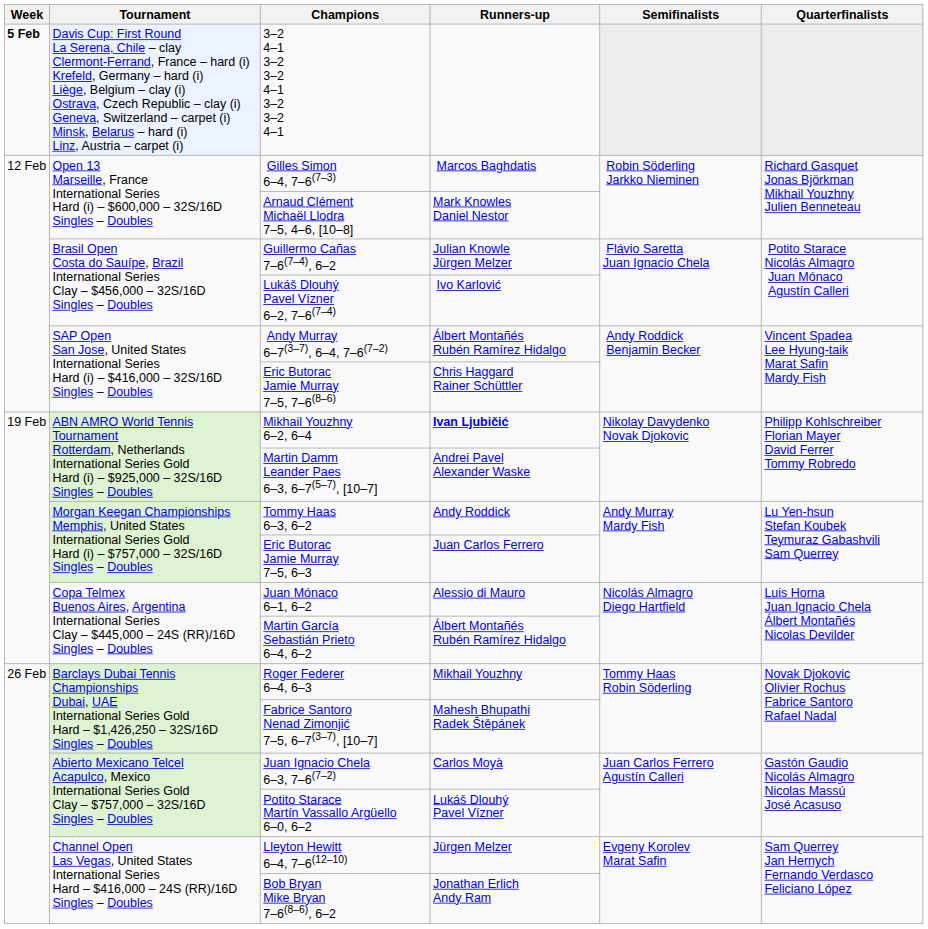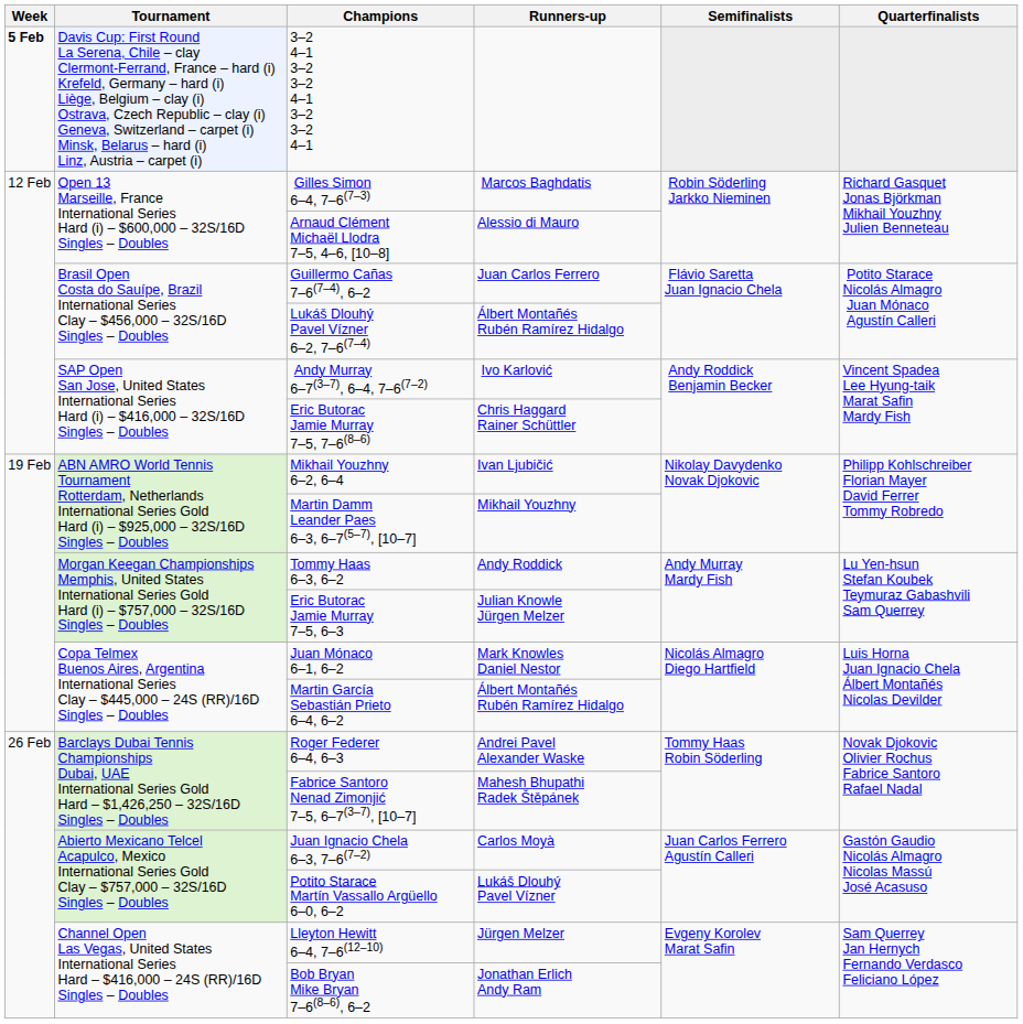 <table class=wikitable style=font-size:95%>
 <tr>
 <th style="width:48px;">Week</th>
 <th style="width:250px;">Tournament</th>
 <th style="width:200px;">Champions</th>
 <th style="width:200px;">Runners-up</th>
 <th style="width:190px;">Semifinalists</th>
 <th style="width:190px;">Quarterfinalists</th>
 </tr>
 <tr valign=top>
 <td rowspan=1><strong>5 Feb</strong></td>
 <td bgcolor=#ECF2FF rowspan=1><a href='#'>Davis Cup: First Round</a><br><a href='#'>La Serena, Chile</a> – clay<br><a href='#'>Clermont-Ferrand</a>, France – hard (i)<br>  <a href='#'>Krefeld</a>, Germany – hard (i) <br><a href='#'>Liège</a>, Belgium – clay (i)<br> <a href='#'>Ostrava</a>, Czech Republic – clay (i)<br> <a href='#'>Geneva</a>, Switzerland – carpet (i)<br> <a href='#'>Minsk</a>, <a href='#'>Belarus</a> – hard (i) <br> <a href='#'>Linz</a>, Austria – carpet (i)</td>
 <td> 3–2<br> 4–1<br> 3–2<br> 3–2<br> 4–1<br> 3–2<br> 3–2<br> 4–1</td>
 <td><br><br><br><br><br><br><br></td>
 <td bgcolor="#ededed"></td>
 <td bgcolor="#ededed"></td>
 </tr>
 <tr valign=top>
 <td rowspan=6>12 Feb</td>
 <td rowspan=2><a href='#'>Open 13</a><br>  <a href='#'>Marseille</a>, France<br>International Series<br>Hard (i) – $600,000 – 32S/16D<br><a href='#'>Singles</a> – <a href='#'>Doubles</a></td>
 <td> <a href='#'>Gilles Simon</a><br>6–4, 7–6<sup>(7–3)</sup></td>
 <td> <a href='#'>Marcos Baghdatis</a></td>
 <td rowspan=2> <a href='#'>Robin Söderling</a><br> <a href='#'>Jarkko Nieminen</a></td>
 <td rowspan=2> <a href='#'>Richard Gasquet</a><br> <a href='#'>Jonas Björkman</a><br> <a href='#'>Mikhail Youzhny</a><br> <a href='#'>Julien Benneteau</a></td>
 </tr>
 <tr valign=top>
 <td> <a href='#'>Arnaud Clément</a><br> <a href='#'>Michaël Llodra</a><br>7–5, 4–6, [10–8]</td>
-<td> <a href='#'>Mark Knowles</a><br> <a href='#'>Daniel Nestor</a></td>
+<td> <a href='#'>Alessio di Mauro</a></td>
 </tr>
 <tr valign=top>
 <td rowspan=2><a href='#'>Brasil Open</a><br>  <a href='#'>Costa do Sauípe</a>, <a href='#'>Brazil</a><br>International Series<br>Clay – $456,000 – 32S/16D<br><a href='#'>Singles</a> – <a href='#'>Doubles</a></td>
 <td> <a href='#'>Guillermo Cañas</a> <br>7–6<sup>(7–4)</sup>, 6–2</td>
-<td> <a href='#'>Julian Knowle</a><br> <a href='#'>Jürgen Melzer</a></td>
+<td> <a href='#'>Juan Carlos Ferrero</a></td>
 <td rowspan=2> <a href='#'>Flávio Saretta</a><br> <a href='#'>Juan Ignacio Chela</a></td>
 <td rowspan=2> <a href='#'>Potito Starace</a><br> <a href='#'>Nicolás Almagro</a> <br> <a href='#'>Juan Mónaco</a><br> <a href='#'>Agustín Calleri</a></td>
 </tr>
 <tr valign=top>
 <td> <a href='#'>Lukáš Dlouhý</a><br> <a href='#'>Pavel Vízner</a><br> 6–2, 7–6<sup>(7–4)</sup></td>
-<td> <a href='#'>Ivo Karlović</a></td>
+<td> <a href='#'>Álbert Montañés</a><br> <a href='#'>Rubén Ramírez Hidalgo</a></td>
 </tr>
 <tr valign=top>
 <td rowspan=2><a href='#'>SAP Open</a><br>  <a href='#'>San Jose</a>, United States<br>International Series<br>Hard (i) – $416,000 – 32S/16D<br><a href='#'>Singles</a> – <a href='#'>Doubles</a></td>
 <td> <a href='#'>Andy Murray</a><br> 6–7<sup>(3–7)</sup>, 6–4, 7–6<sup>(7–2)</sup></td>
-<td> <a href='#'>Álbert Montañés</a><br> <a href='#'>Rubén Ramírez Hidalgo</a></td>
+<td> <a href='#'>Ivo Karlović</a></td>
 <td rowspan=2> <a href='#'>Andy Roddick</a><br> <a href='#'>Benjamin Becker</a></td>
 <td rowspan=2> <a href='#'>Vincent Spadea</a><br> <a href='#'>Lee Hyung-taik</a><br> <a href='#'>Marat Safin</a><br> <a href='#'>Mardy Fish</a></td>
 </tr>
 <tr valign=top>
 <td> <a href='#'>Eric Butorac</a><br> <a href='#'>Jamie Murray</a><br>7–5, 7–6<sup>(8–6)</sup></td>
 <td> <a href='#'>Chris Haggard</a><br> <a href='#'>Rainer Schüttler</a></td>
 </tr>
 <tr valign=top>
 <td rowspan=6>19 Feb</td>
 <td bgcolor=#DDF3D1  rowspan=2><a href='#'>ABN AMRO World Tennis Tournament</a><br> <a href='#'>Rotterdam</a>, Netherlands<br>International Series Gold<br>Hard (i) – $925,000 – 32S/16D<br><a href='#'>Singles</a> – <a href='#'>Doubles</a></td>
 <td> <a href='#'>Mikhail Youzhny</a><br>6–2, 6–4</td>
-<td><strong> <a href='#'>Ivan Ljubičić</a></strong></td>
+<td> <a href='#'>Ivan Ljubičić</a></td>
 <td rowspan=2> <a href='#'>Nikolay Davydenko</a><br> <a href='#'>Novak Djokovic</a></td>
 <td rowspan=2> <a href='#'>Philipp Kohlschreiber</a><br> <a href='#'>Florian Mayer</a><br> <a href='#'>David Ferrer</a><br> <a href='#'>Tommy Robredo</a></td>
 </tr>
 <tr valign=top>
 <td> <a href='#'>Martin Damm</a><br> <a href='#'>Leander Paes</a><br> 6–3, 6–7<sup>(5–7)</sup>, [10–7]</td>
-<td> <a href='#'>Andrei Pavel</a><br> <a href='#'>Alexander Waske</a></td>
+<td> <a href='#'>Mikhail Youzhny</a></td>
 </tr>
 <tr valign=top>
 <td bgcolor=#DDF3D1  rowspan=2><a href='#'>Morgan Keegan Championships</a><br>  <a href='#'>Memphis</a>, United States<br>International Series Gold<br>Hard (i) – $757,000 – 32S/16D<br><a href='#'>Singles</a> – <a href='#'>Doubles</a></td>
 <td> <a href='#'>Tommy Haas</a><br> 6–3, 6–2</td>
 <td> <a href='#'>Andy Roddick</a></td>
 <td rowspan=2> <a href='#'>Andy Murray</a><br> <a href='#'>Mardy Fish</a></td>
 <td rowspan=2> <a href='#'>Lu Yen-hsun</a><br> <a href='#'>Stefan Koubek</a><br> <a href='#'>Teymuraz Gabashvili</a><br> <a href='#'>Sam Querrey</a></td>
 </tr>
 <tr valign=top>
 <td> <a href='#'>Eric Butorac</a><br> <a href='#'>Jamie Murray</a><br>7–5, 6–3</td>
-<td> <a href='#'>Juan Carlos Ferrero</a></td>
+<td> <a href='#'>Julian Knowle</a><br> <a href='#'>Jürgen Melzer</a></td>
 </tr>
 <tr valign=top>
 <td rowspan=2><a href='#'>Copa Telmex</a><br>  <a href='#'>Buenos Aires</a>, <a href='#'>Argentina</a><br>International Series<br>Clay – $445,000 – 24S (RR)/16D<br><a href='#'>Singles</a> – <a href='#'>Doubles</a></td>
 <td> <a href='#'>Juan Mónaco</a><br>6–1, 6–2</td>
-<td> <a href='#'>Alessio di Mauro</a></td>
+<td> <a href='#'>Mark Knowles</a><br> <a href='#'>Daniel Nestor</a></td>
 <td rowspan=2> <a href='#'>Nicolás Almagro</a><br> <a href='#'>Diego Hartfield</a></td>
 <td rowspan=2> <a href='#'>Luis Horna</a><br> <a href='#'>Juan Ignacio Chela</a><br> <a href='#'>Álbert Montañés</a><br> <a href='#'>Nicolas Devilder</a></td>
 </tr>
 <tr valign=top>
 <td> <a href='#'>Martin García</a><br> <a href='#'>Sebastián Prieto</a><br>6–4, 6–2</td>
 <td> <a href='#'>Álbert Montañés</a><br> <a href='#'>Rubén Ramírez Hidalgo</a></td>
 </tr>
 <tr valign=top>
 <td rowspan=6>26 Feb</td>
 <td bgcolor=#DDF3D1  rowspan=2><a href='#'>Barclays Dubai Tennis Championships</a><br> <a href='#'>Dubai</a>, <a href='#'>UAE</a><br>International Series Gold<br>Hard – $1,426,250 – 32S/16D<br><a href='#'>Singles</a> – <a href='#'>Doubles</a></td>
 <td> <a href='#'>Roger Federer</a> <br>6–4, 6–3</td>
-<td> <a href='#'>Mikhail Youzhny</a></td>
+<td> <a href='#'>Andrei Pavel</a><br> <a href='#'>Alexander Waske</a></td>
 <td rowspan=2> <a href='#'>Tommy Haas</a><br> <a href='#'>Robin Söderling</a></td>
 <td rowspan=2> <a href='#'>Novak Djokovic</a><br> <a href='#'>Olivier Rochus</a><br> <a href='#'>Fabrice Santoro</a><br> <a href='#'>Rafael Nadal</a></td>
 </tr>
 <tr valign=top>
 <td> <a href='#'>Fabrice Santoro</a><br> <a href='#'>Nenad Zimonjić</a><br> 7–5, 6–7<sup>(3–7)</sup>, [10–7]</td>
 <td> <a href='#'>Mahesh Bhupathi</a><br> <a href='#'>Radek Štěpánek</a></td>
 </tr>
 <tr valign=top>
 <td bgcolor=#DDF3D1  rowspan=2><a href='#'>Abierto Mexicano Telcel</a><br> <a href='#'>Acapulco</a>, Mexico<br>International Series Gold<br>Clay – $757,000 – 32S/16D<br><a href='#'>Singles</a> – <a href='#'>Doubles</a></td>
 <td> <a href='#'>Juan Ignacio Chela</a> <br>6–3, 7–6<sup>(7–2)</sup></td>
 <td> <a href='#'>Carlos Moyà</a></td>
 <td rowspan=2> <a href='#'>Juan Carlos Ferrero</a><br> <a href='#'>Agustín Calleri</a></td>
 <td rowspan=2> <a href='#'>Gastón Gaudio</a><br> <a href='#'>Nicolás Almagro</a><br> <a href='#'>Nicolas Massú</a><br> <a href='#'>José Acasuso</a></td>
 </tr>
 <tr valign=top>
 <td> <a href='#'>Potito Starace</a><br> <a href='#'>Martín Vassallo Argüello</a><br> 6–0, 6–2</td>
 <td> <a href='#'>Lukáš Dlouhý</a><br> <a href='#'>Pavel Vízner</a></td>
 </tr>
 <tr valign=top>
 <td rowspan=2><a href='#'>Channel Open</a><br> <a href='#'>Las Vegas</a>, United States<br>International Series<br>Hard – $416,000 – 24S (RR)/16D<br><a href='#'>Singles</a> – <a href='#'>Doubles</a></td>
 <td> <a href='#'>Lleyton Hewitt</a> <br>6–4, 7–6<sup>(12–10)</sup></td>
 <td> <a href='#'>Jürgen Melzer</a></td>
 <td rowspan=2> <a href='#'>Evgeny Korolev</a><br> <a href='#'>Marat Safin</a></td>
 <td rowspan=2> <a href='#'>Sam Querrey</a><br> <a href='#'>Jan Hernych</a><br> <a href='#'>Fernando Verdasco</a><br> <a href='#'>Feliciano López</a></td>
 </tr>
 <tr valign=top>
 <td> <a href='#'>Bob Bryan</a><br> <a href='#'>Mike Bryan</a><br>7–6<sup>(8–6)</sup>, 6–2</td>
 <td> <a href='#'>Jonathan Erlich</a><br> <a href='#'>Andy Ram</a></td>
 </tr>
 </table>
